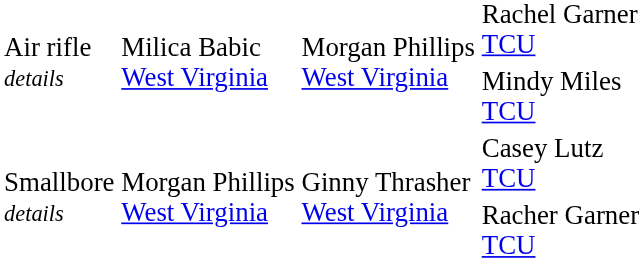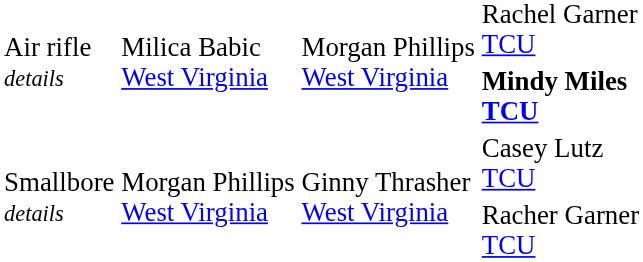 <table>
 <tr>
 <td rowspan=2>Air rifle<br><small><em>details</em></small></td>
 <td rowspan=2>Milica Babic<br> <a href='#'>West Virginia</a></td>
 <td rowspan=2>Morgan Phillips<br> <a href='#'>West Virginia</a></td>
 <td>Rachel Garner<br> <a href='#'>TCU</a></td>
 </tr>
 <tr>
-<td>Mindy Miles<br> <a href='#'>TCU</a></td>
+<td><strong>Mindy Miles<br> <a href='#'>TCU</a></strong></td>
 </tr>
 <tr>
 <td rowspan=2>Smallbore<br><small><em>details</em></small></td>
 <td rowspan=2>Morgan Phillips<br> <a href='#'>West Virginia</a></td>
 <td rowspan=2>Ginny Thrasher<br> <a href='#'>West Virginia</a></td>
 <td>Casey Lutz<br> <a href='#'>TCU</a></td>
 </tr>
 <tr>
 <td>Racher Garner<br> <a href='#'>TCU</a></td>
 </tr>
 </table>
